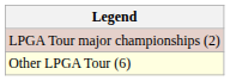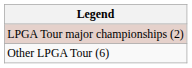 <table class="wikitable" style="font-size:95%;">
 <tr>
 <th>Legend</th>
 </tr>
 <tr style="background:#e5d1cb;">
 <td>LPGA Tour major championships (2)</td>
 </tr>
 <tr>
-<td style="background: lightyellow;">Other LPGA Tour (6)</td>
+<td>Other LPGA Tour (6)</td>
 </tr>
 </table>
